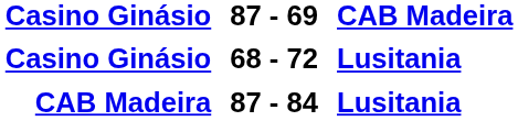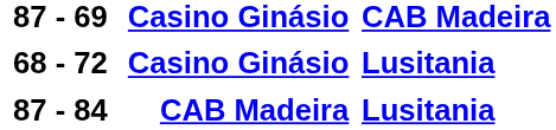 <table cellpadding=2 style=font-size:90% align=center>
 <tr>
+<td align=center><strong>87 - 69</strong></td>
 <td width=40% align=right><strong><a href='#'>Casino Ginásio</a></strong></td>
-<td align=center><strong>87 - 69</strong></td>
 <td><strong><a href='#'>CAB Madeira</a></strong></td>
 </tr>
 <tr>
+<td align=center><strong>68 - 72 </strong></td>
 <td width=40% align=right><strong><a href='#'>Casino Ginásio</a></strong></td>
-<td align=center><strong>68 - 72 </strong></td>
 <td><strong><a href='#'>Lusitania</a></strong></td>
 </tr>
 <tr>
+<td align=center><strong>87 - 84 </strong></td>
 <td width=40% align=right><strong><a href='#'>CAB Madeira</a></strong></td>
-<td align=center><strong>87 - 84 </strong></td>
 <td><strong><a href='#'>Lusitania</a></strong></td>
 </tr>
 </table>
